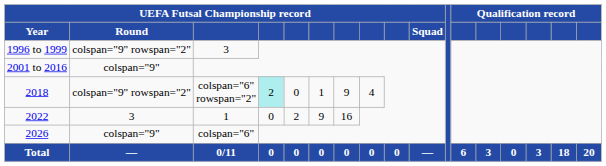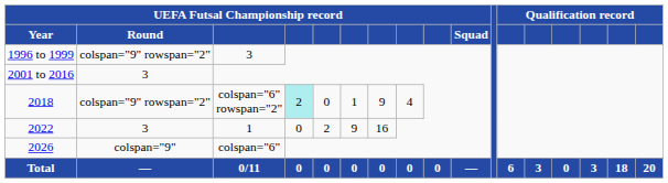 <table class="wikitable" style="text-align: center;">
 <tr>
 <th colspan="10" style="background:#244AA5;color:white;">UEFA Futsal Championship record</th>
 <th rowspan="9" style="background:#244AA5"></th>
 <th colspan="6" style="background:#244AA5;color:white;">Qualification record</th>
 </tr>
 <tr>
 <th style="background:#244AA5; color:white; ">Year</th>
 <th style="background:#244AA5; color:white; ">Round</th>
 <th width="28" style="background:#244AA5; color:white; "></th>
 <th width="28" style="background:#244AA5; color:white; "></th>
 <th width="28" style="background:#244AA5; color:white; "></th>
 <th width="28" style="background:#244AA5; color:white; "></th>
 <th width="28" style="background:#244AA5; color:white; "></th>
 <th width="28" style="background:#244AA5; color:white; "></th>
 <th width="28" style="background:#244AA5; color:white; "></th>
 <th style="background:#244AA5; color:white; ">Squad</th>
 <th width="28" style="background:#244AA5; color:white; "></th>
 <th width="28" style="background:#244AA5; color:white; "></th>
 <th width="28" style="background:#244AA5; color:white; "></th>
 <th width="28" style="background:#244AA5; color:white; "></th>
 <th width="28" style="background:#244AA5; color:white; "></th>
 <th width="28" style="background:#244AA5; color:white; "></th>
 </tr>
 <tr>
 <td> <a href='#'>1996</a> to  <a href='#'>1999</a></td>
 <td>colspan="9" rowspan="2" </td>
 <td>3</td>
 </tr>
 <tr>
 <td> <a href='#'>2001</a> to  <a href='#'>2016</a></td>
-<td>colspan="9" </td>
+<td>3</td>
 </tr>
 <tr>
 <td> <a href='#'>2018</a></td>
 <td>colspan="9" rowspan="2" </td>
 <td>colspan="6" rowspan="2" </td>
 <td style="background: paleturquoise;">2</td>
 <td>0</td>
 <td>1</td>
 <td>9</td>
 <td>4</td>
 </tr>
 <tr>
 <td> <a href='#'>2022</a></td>
 <td>3</td>
 <td>1</td>
 <td>0</td>
 <td>2</td>
 <td>9</td>
 <td>16</td>
 </tr>
 <tr>
 <td> <a href='#'>2026</a></td>
 <td>colspan="9" </td>
 <td>colspan="6" </td>
 </tr>
 <tr>
 <th style="background:#244AA5; color:white; ">Total</th>
 <th style="background:#244AA5; color:white; ">—</th>
 <th style="background:#244AA5; color:white; ">0/11</th>
 <th style="background:#244AA5; color:white; ">0</th>
 <th style="background:#244AA5; color:white; ">0</th>
 <th style="background:#244AA5; color:white; ">0</th>
 <th style="background:#244AA5; color:white; ">0</th>
 <th style="background:#244AA5; color:white; ">0</th>
 <th style="background:#244AA5; color:white; ">0</th>
 <th style="background:#244AA5; color:white; ">—</th>
 <th style="background:#244AA5; color:white; ">6</th>
 <th style="background:#244AA5; color:white; ">3</th>
 <th style="background:#244AA5; color:white; ">0</th>
 <th style="background:#244AA5; color:white; ">3</th>
 <th style="background:#244AA5; color:white; ">18</th>
 <th style="background:#244AA5; color:white; ">20</th>
 </tr>
 </table>
